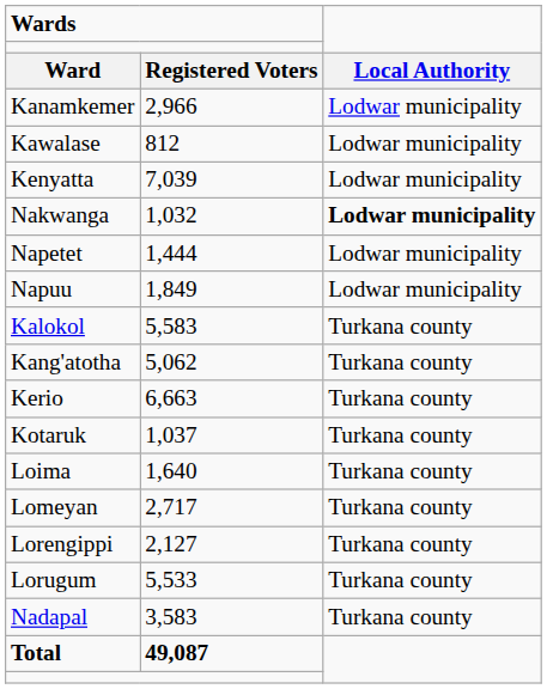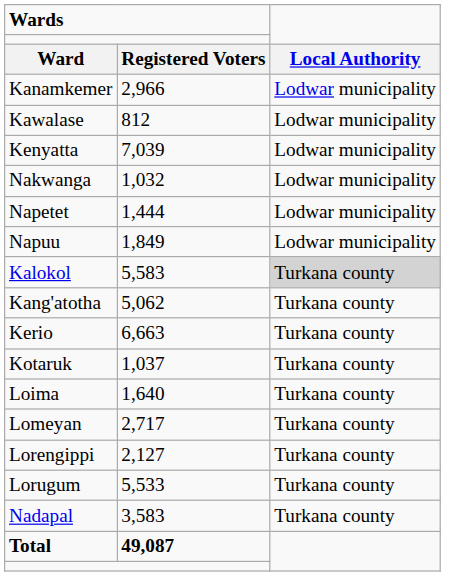 <table class="wikitable">
 <tr>
 <td colspan="2"><strong>Wards</strong></td>
 </tr>
 <tr>
 <td colspan="2"></td>
 </tr>
 <tr>
 <th>Ward</th>
 <th>Registered Voters</th>
 <th><a href='#'>Local Authority</a></th>
 </tr>
 <tr>
 <td>Kanamkemer</td>
 <td>2,966</td>
 <td><a href='#'>Lodwar</a> municipality</td>
 </tr>
 <tr>
 <td>Kawalase</td>
 <td>812</td>
 <td>Lodwar municipality</td>
 </tr>
 <tr>
 <td>Kenyatta</td>
 <td>7,039</td>
 <td>Lodwar municipality</td>
 </tr>
 <tr>
 <td>Nakwanga</td>
 <td>1,032</td>
-<td><strong>Lodwar municipality</strong></td>
+<td>Lodwar municipality</td>
 </tr>
 <tr>
 <td>Napetet</td>
 <td>1,444</td>
 <td>Lodwar municipality</td>
 </tr>
 <tr>
 <td>Napuu</td>
 <td>1,849</td>
 <td>Lodwar municipality</td>
 </tr>
 <tr>
 <td><a href='#'>Kalokol</a></td>
 <td>5,583</td>
-<td>Turkana county</td>
+<td style="background: lightgrey;">Turkana county</td>
 </tr>
 <tr>
 <td>Kang'atotha</td>
 <td>5,062</td>
 <td>Turkana county</td>
 </tr>
 <tr>
 <td>Kerio</td>
 <td>6,663</td>
 <td>Turkana county</td>
 </tr>
 <tr>
 <td>Kotaruk</td>
 <td>1,037</td>
 <td>Turkana county</td>
 </tr>
 <tr>
 <td>Loima</td>
 <td>1,640</td>
 <td>Turkana county</td>
 </tr>
 <tr>
 <td>Lomeyan</td>
 <td>2,717</td>
 <td>Turkana county</td>
 </tr>
 <tr>
 <td>Lorengippi</td>
 <td>2,127</td>
 <td>Turkana county</td>
 </tr>
 <tr>
 <td>Lorugum</td>
 <td>5,533</td>
 <td>Turkana county</td>
 </tr>
 <tr>
 <td><a href='#'>Nadapal</a></td>
 <td>3,583</td>
 <td>Turkana county</td>
 </tr>
 <tr>
 <td><strong>Total</strong></td>
 <td><strong>49,087</strong></td>
 </tr>
 <tr>
 <td colspan="2"></td>
 </tr>
 </table>
